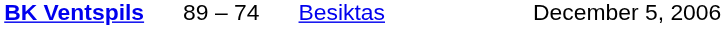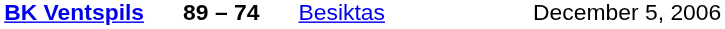 <table style="text-align:center">
 <tr>
 <th width=160></th>
 <th width=100></th>
 <th width=160></th>
 <th width=200></th>
 </tr>
 <tr>
 <td align=right><strong><a href='#'>BK Ventspils</a></strong> </td>
-<td>89 – 74</td>
+<td><strong>89 – 74</strong></td>
 <td align="left"> <a href='#'>Besiktas</a></td>
 <td align=left>December 5, 2006</td>
 </tr>
 </table>
